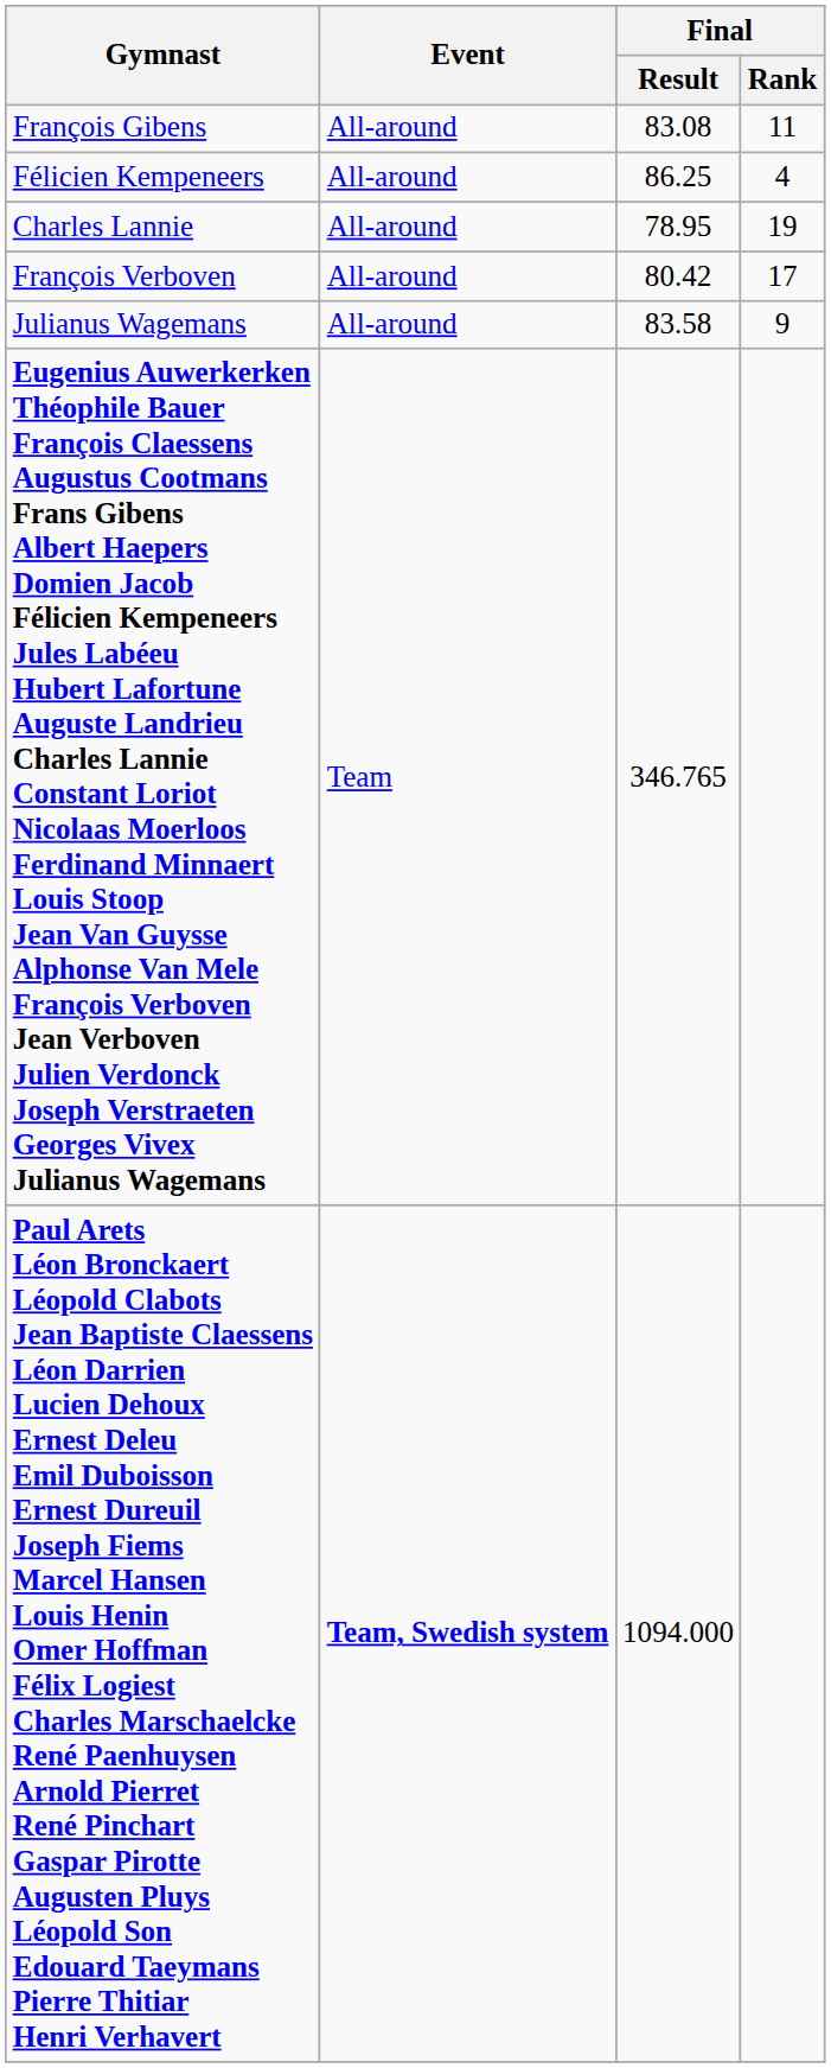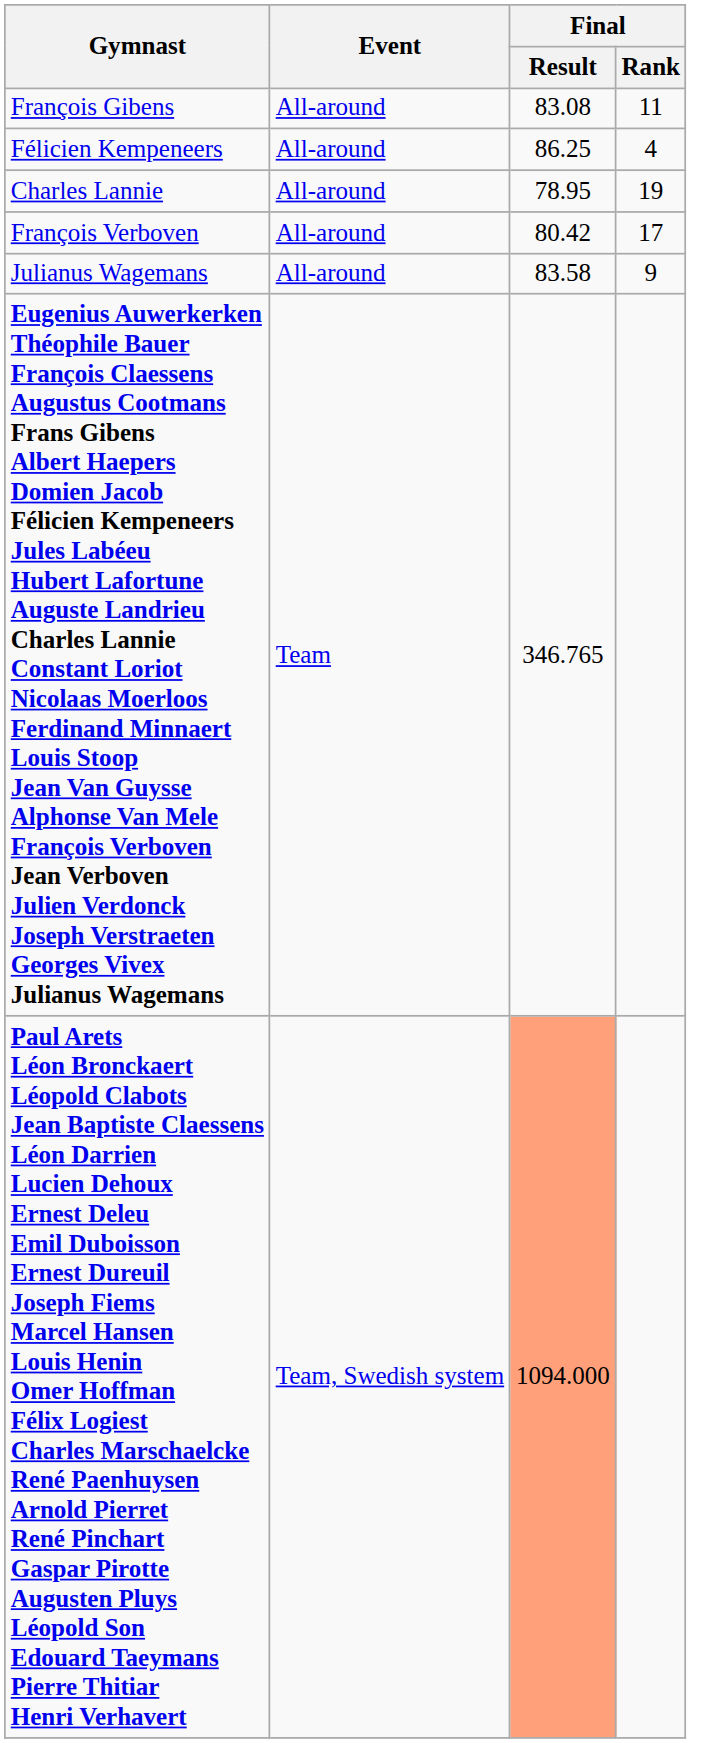 <table class=wikitable style="font-size:90%">
 <tr>
 <th rowspan=2>Gymnast</th>
 <th rowspan=2>Event</th>
 <th colspan=2>Final</th>
 </tr>
 <tr>
 <th>Result</th>
 <th>Rank</th>
 </tr>
 <tr>
 <td><a href='#'>François Gibens</a></td>
 <td><a href='#'>All-around</a></td>
 <td align=center>83.08</td>
 <td align=center>11</td>
 </tr>
 <tr>
 <td><a href='#'>Félicien Kempeneers</a></td>
 <td><a href='#'>All-around</a></td>
 <td align=center>86.25</td>
 <td align=center>4</td>
 </tr>
 <tr>
 <td><a href='#'>Charles Lannie</a></td>
 <td><a href='#'>All-around</a></td>
 <td align=center>78.95</td>
 <td align=center>19</td>
 </tr>
 <tr>
 <td><a href='#'>François Verboven</a></td>
 <td><a href='#'>All-around</a></td>
 <td align=center>80.42</td>
 <td align=center>17</td>
 </tr>
 <tr>
 <td><a href='#'>Julianus Wagemans</a></td>
 <td><a href='#'>All-around</a></td>
 <td align=center>83.58</td>
 <td align=center>9</td>
 </tr>
 <tr>
 <td><strong><a href='#'>Eugenius Auwerkerken</a> <br> <a href='#'>Théophile Bauer</a> <br> <a href='#'>François Claessens</a> <br> <a href='#'>Augustus Cootmans</a> <br> Frans Gibens <br> <a href='#'>Albert Haepers</a> <br> <a href='#'>Domien Jacob</a> <br> Félicien Kempeneers <br> <a href='#'>Jules Labéeu</a> <br> <a href='#'>Hubert Lafortune</a> <br> <a href='#'>Auguste Landrieu</a> <br> Charles Lannie <br> <a href='#'>Constant Loriot</a> <br> <a href='#'>Nicolaas Moerloos</a> <br> <a href='#'>Ferdinand Minnaert</a> <br> <a href='#'>Louis Stoop</a> <br> <a href='#'>Jean Van Guysse</a> <br> <a href='#'>Alphonse Van Mele</a> <br> <a href='#'>François Verboven</a> <br> Jean Verboven <br> <a href='#'>Julien Verdonck</a> <br> <a href='#'>Joseph Verstraeten</a> <br> <a href='#'>Georges Vivex</a> <br> Julianus Wagemans</strong></td>
 <td><a href='#'>Team</a></td>
 <td align=center>346.765</td>
 <td align=center></td>
 </tr>
 <tr>
 <td><strong><a href='#'>Paul Arets</a> <br> <a href='#'>Léon Bronckaert</a> <br> <a href='#'>Léopold Clabots</a> <br> <a href='#'>Jean Baptiste Claessens</a> <br> <a href='#'>Léon Darrien</a> <br> <a href='#'>Lucien Dehoux</a> <br> <a href='#'>Ernest Deleu</a> <br> <a href='#'>Emil Duboisson</a> <br> <a href='#'>Ernest Dureuil</a> <br> <a href='#'>Joseph Fiems</a> <br> <a href='#'>Marcel Hansen</a> <br> <a href='#'>Louis Henin</a> <br> <a href='#'>Omer Hoffman</a> <br> <a href='#'>Félix Logiest</a> <br> <a href='#'>Charles Marschaelcke</a> <br> <a href='#'>René Paenhuysen</a> <br> <a href='#'>Arnold Pierret</a> <br> <a href='#'>René Pinchart</a> <br> <a href='#'>Gaspar Pirotte</a> <br> <a href='#'>Augusten Pluys</a> <br> <a href='#'>Léopold Son</a> <br> <a href='#'>Edouard Taeymans</a> <br> <a href='#'>Pierre Thitiar</a> <br> <a href='#'>Henri Verhavert</a></strong></td>
-<td><strong><a href='#'>Team, Swedish system</a></strong></td>
-<td align=center>1094.000</td>
+<td><a href='#'>Team, Swedish system</a></td>
+<td align=center style="background: lightsalmon;">1094.000</td>
 <td align=center></td>
 </tr>
 </table>
